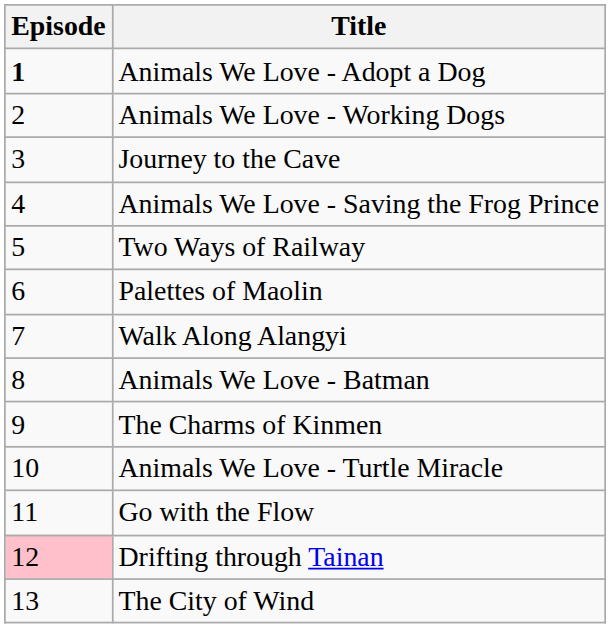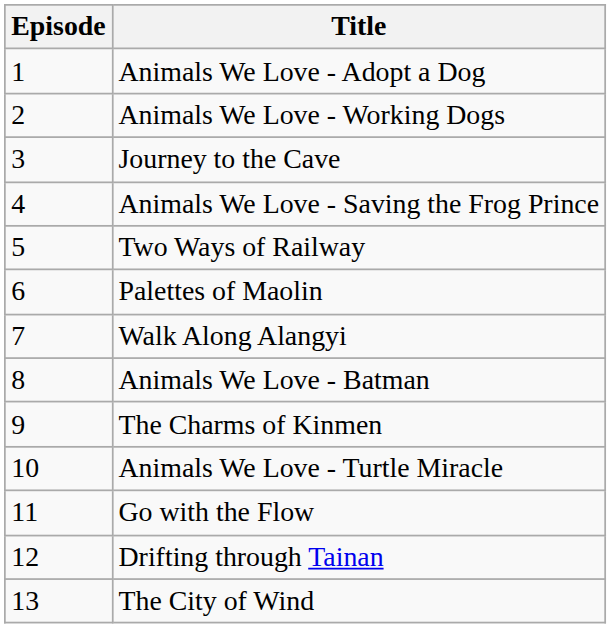 <table class="wikitable">
 <tr>
 <th>Episode</th>
 <th>Title</th>
 </tr>
 <tr>
-<td><strong>1</strong></td>
+<td>1</td>
 <td>Animals We Love - Adopt a Dog</td>
 </tr>
 <tr>
 <td>2</td>
 <td>Animals We Love - Working Dogs</td>
 </tr>
 <tr>
 <td>3</td>
 <td>Journey to the  Cave</td>
 </tr>
 <tr>
 <td>4</td>
 <td>Animals We Love - Saving the Frog Prince</td>
 </tr>
 <tr>
 <td>5</td>
 <td>Two Ways  of Railway</td>
 </tr>
 <tr>
 <td>6</td>
 <td>Palettes of Maolin</td>
 </tr>
 <tr>
 <td>7</td>
 <td>Walk Along Alangyi</td>
 </tr>
 <tr>
 <td>8</td>
 <td>Animals We Love - Batman</td>
 </tr>
 <tr>
 <td>9</td>
 <td>The Charms of Kinmen</td>
 </tr>
 <tr>
 <td>10</td>
 <td>Animals We Love - Turtle Miracle</td>
 </tr>
 <tr>
 <td>11</td>
 <td>Go with the Flow</td>
 </tr>
 <tr>
-<td style="background: pink;">12</td>
+<td>12</td>
 <td>Drifting  through <a href='#'>Tainan</a></td>
 </tr>
 <tr>
 <td>13</td>
 <td>The City of Wind</td>
 </tr>
 </table>
